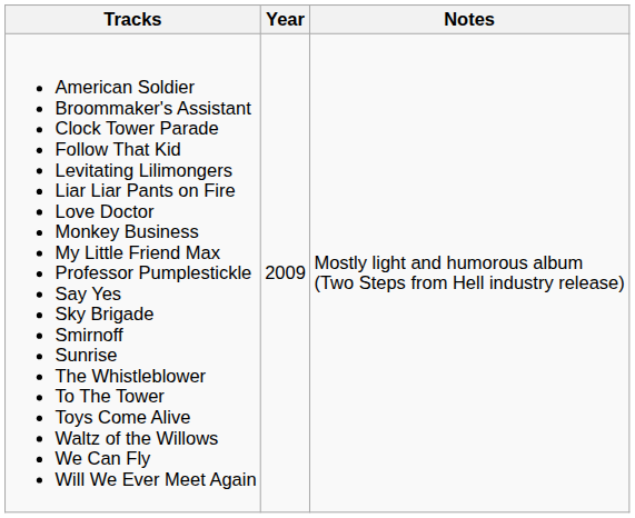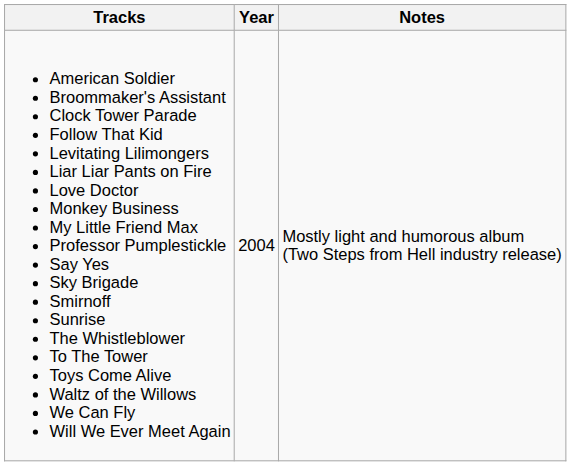 <table class="wikitable sortable">
 <tr>
 <th>Tracks</th>
 <th>Year</th>
 <th>Notes</th>
 </tr>
 <tr>
 <td><br><ul><li>American Soldier</li><li>Broommaker's Assistant</li><li>Clock Tower Parade</li><li>Follow That Kid</li><li>Levitating Lilimongers</li><li>Liar Liar Pants on Fire</li><li>Love Doctor</li><li>Monkey Business</li><li>My Little Friend Max</li><li>Professor Pumplestickle</li><li>Say Yes</li><li>Sky Brigade</li><li>Smirnoff</li><li>Sunrise</li><li>The Whistleblower</li><li>To The Tower</li><li>Toys Come Alive</li><li>Waltz of the Willows</li><li>We Can Fly</li><li>Will We Ever Meet Again</li></ul></td>
-<td>2009</td>
+<td>2004</td>
 <td>Mostly light and humorous album<br>(Two Steps from Hell industry release)</td>
 </tr>
 </table>
